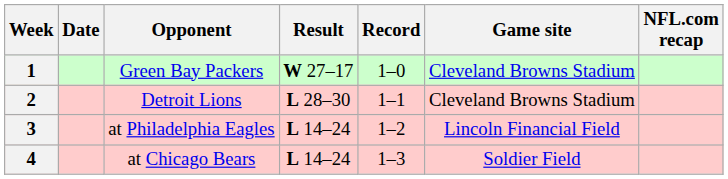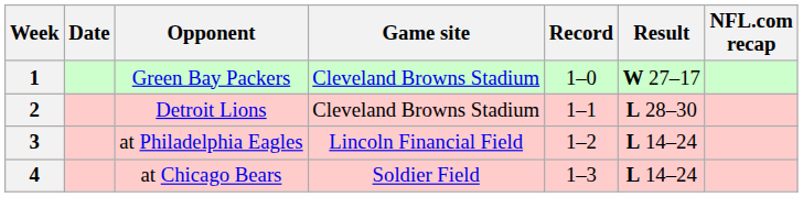 <table class="wikitable" style="text-align:center">
 <tr>
 <th>Week</th>
 <th>Date</th>
 <th>Opponent</th>
+<th>Game site</th>
+<th>Record</th>
 <th>Result</th>
-<th>Record</th>
-<th>Game site</th>
 <th>NFL.com<br>recap</th>
 </tr>
 <tr style="background:#cfc">
 <th>1</th>
 <td style="text-align:center;"></td>
 <td style="text-align:center;"><a href='#'>Green Bay Packers</a></td>
+<td style="text-align:center;"><a href='#'>Cleveland Browns Stadium</a></td>
+<td style="text-align:center;">1–0</td>
 <td style="text-align:center;"><strong>W</strong> 27–17</td>
-<td style="text-align:center;">1–0</td>
-<td style="text-align:center;"><a href='#'>Cleveland Browns Stadium</a></td>
 <td style="text-align:center;"></td>
 </tr>
 <tr style="background:#fcc">
 <th>2</th>
 <td style="text-align:center;"></td>
 <td style="text-align:center;"><a href='#'>Detroit Lions</a></td>
+<td style="text-align:center;">Cleveland Browns Stadium</td>
+<td style="text-align:center;">1–1</td>
 <td style="text-align:center;"><strong>L</strong> 28–30</td>
-<td style="text-align:center;">1–1</td>
-<td style="text-align:center;">Cleveland Browns Stadium</td>
 <td style="text-align:center;"></td>
 </tr>
 <tr style="background:#fcc">
 <th>3</th>
 <td style="text-align:center;"></td>
 <td style="text-align:center;">at <a href='#'>Philadelphia Eagles</a></td>
+<td style="text-align:center;"><a href='#'>Lincoln Financial Field</a></td>
+<td style="text-align:center;">1–2</td>
 <td style="text-align:center;"><strong>L</strong> 14–24</td>
-<td style="text-align:center;">1–2</td>
-<td style="text-align:center;"><a href='#'>Lincoln Financial Field</a></td>
 <td style="text-align:center;"></td>
 </tr>
 <tr style="background:#fcc">
 <th>4</th>
 <td style="text-align:center;"></td>
 <td style="text-align:center;">at <a href='#'>Chicago Bears</a></td>
+<td style="text-align:center;"><a href='#'>Soldier Field</a></td>
+<td style="text-align:center;">1–3</td>
 <td style="text-align:center;"><strong>L</strong> 14–24</td>
-<td style="text-align:center;">1–3</td>
-<td style="text-align:center;"><a href='#'>Soldier Field</a></td>
 <td style="text-align:center;"></td>
 </tr>
 </table>
